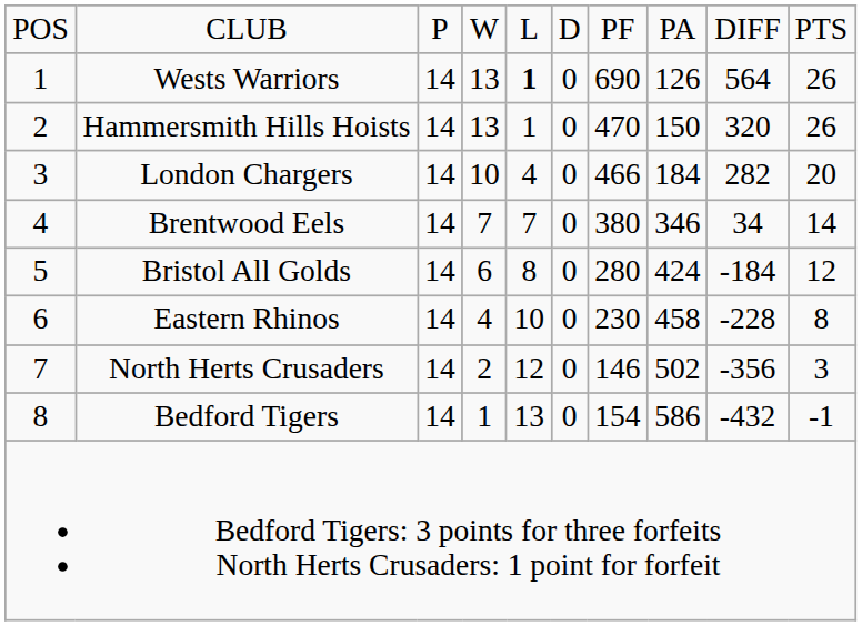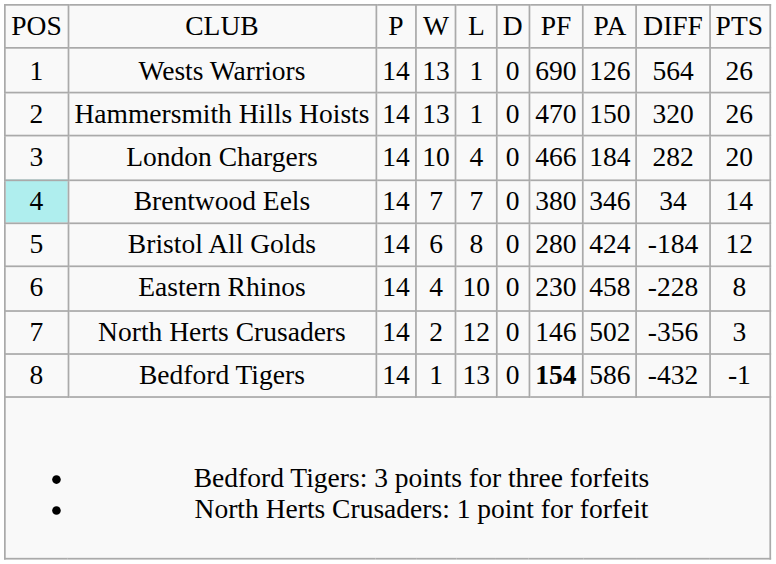 <table class="wikitable" style="text-align: center;">
 <tr>
 <td>POS</td>
 <td>CLUB</td>
 <td>P</td>
 <td>W</td>
 <td>L</td>
 <td>D</td>
 <td>PF</td>
 <td>PA</td>
 <td>DIFF</td>
 <td>PTS</td>
 </tr>
 <tr>
 <td>1</td>
 <td>Wests Warriors</td>
 <td>14</td>
 <td>13</td>
-<td><strong>1</strong></td>
+<td>1</td>
 <td>0</td>
 <td>690</td>
 <td>126</td>
 <td>564</td>
 <td>26</td>
 </tr>
 <tr>
 <td>2</td>
 <td>Hammersmith Hills Hoists</td>
 <td>14</td>
 <td>13</td>
 <td>1</td>
 <td>0</td>
 <td>470</td>
 <td>150</td>
 <td>320</td>
 <td>26</td>
 </tr>
 <tr>
 <td>3</td>
 <td>London Chargers</td>
 <td>14</td>
 <td>10</td>
 <td>4</td>
 <td>0</td>
 <td>466</td>
 <td>184</td>
 <td>282</td>
 <td>20</td>
 </tr>
 <tr>
-<td>4</td>
+<td style="background: paleturquoise;">4</td>
 <td>Brentwood Eels</td>
 <td>14</td>
 <td>7</td>
 <td>7</td>
 <td>0</td>
 <td>380</td>
 <td>346</td>
 <td>34</td>
 <td>14</td>
 </tr>
 <tr>
 <td>5</td>
 <td>Bristol All Golds</td>
 <td>14</td>
 <td>6</td>
 <td>8</td>
 <td>0</td>
 <td>280</td>
 <td>424</td>
 <td>-184</td>
 <td>12</td>
 </tr>
 <tr>
 <td>6</td>
 <td>Eastern Rhinos</td>
 <td>14</td>
 <td>4</td>
 <td>10</td>
 <td>0</td>
 <td>230</td>
 <td>458</td>
 <td>-228</td>
 <td>8</td>
 </tr>
 <tr>
 <td>7</td>
 <td>North Herts Crusaders</td>
 <td>14</td>
 <td>2</td>
 <td>12</td>
 <td>0</td>
 <td>146</td>
 <td>502</td>
 <td>-356</td>
 <td>3</td>
 </tr>
 <tr>
 <td>8</td>
 <td>Bedford Tigers</td>
 <td>14</td>
 <td>1</td>
 <td>13</td>
 <td>0</td>
-<td>154</td>
+<td><strong>154</strong></td>
 <td>586</td>
 <td>-432</td>
 <td>-1</td>
 </tr>
 <tr>
 <td colspan="10" rowspan="3"><br><ul><li>Bedford Tigers: 3 points for three forfeits</li><li>North Herts Crusaders: 1 point for forfeit</li></ul></td>
 </tr>
 </table>
